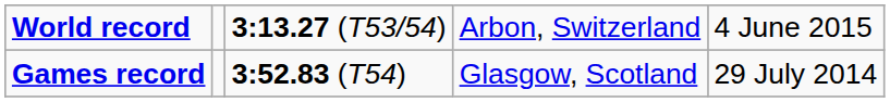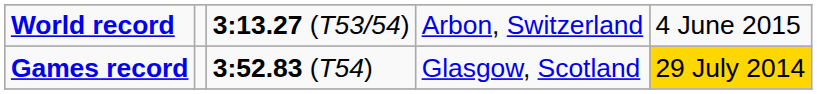 <table class="wikitable">
 <tr>
 <td><a href='#'><strong>World record</strong></a></td>
 <td></td>
 <td><strong>3:13.27</strong> (<em>T53/54</em>)</td>
 <td><a href='#'>Arbon</a>, <a href='#'>Switzerland</a></td>
 <td>4 June 2015</td>
 </tr>
 <tr>
 <td><a href='#'><strong>Games record</strong></a></td>
 <td></td>
 <td><strong>3:52.83</strong> (<em>T54</em>)</td>
 <td><a href='#'>Glasgow</a>, <a href='#'>Scotland</a></td>
-<td>29 July 2014</td>
+<td style="background: gold;">29 July 2014</td>
 </tr>
 </table>
